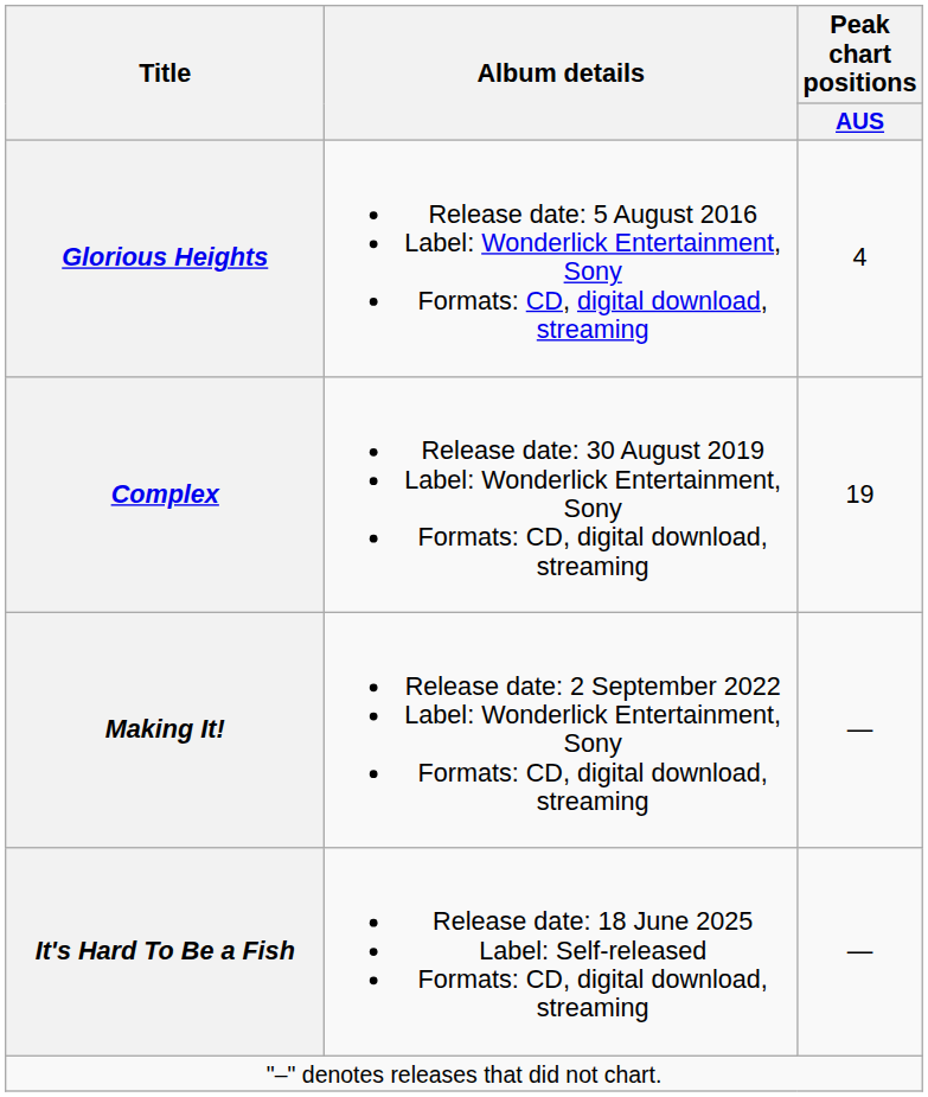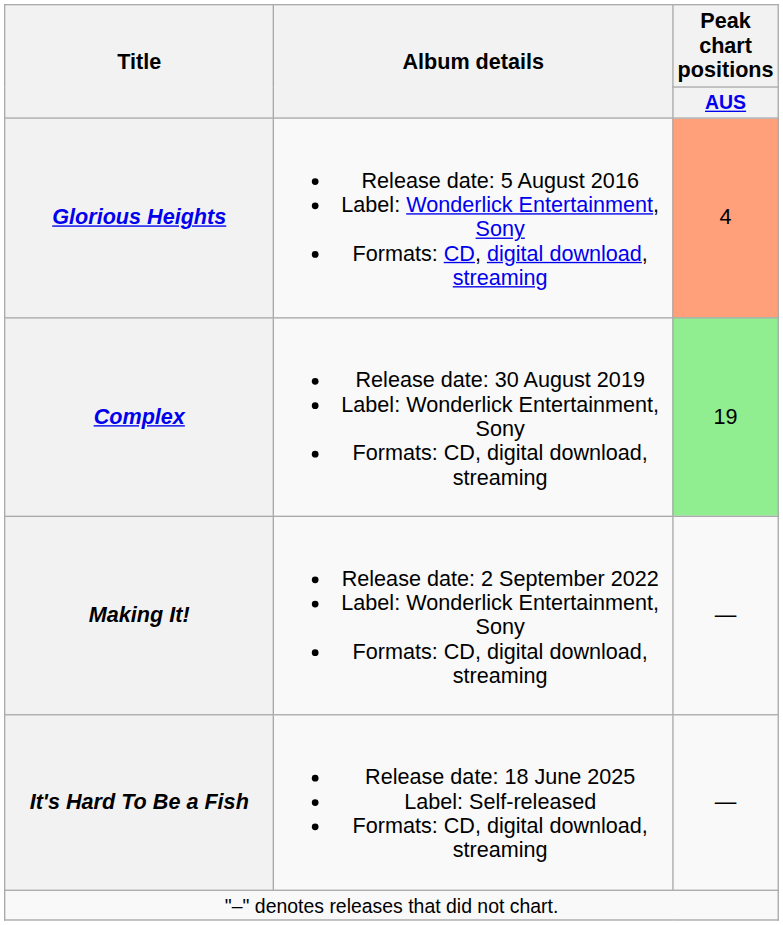 <table class="wikitable plainrowheaders" style="text-align:center;">
 <tr>
 <th style="width:12em;" rowspan="2">Title</th>
 <th style="width:18em;" rowspan="2">Album details</th>
 <th scope="col">Peak chart positions</th>
 </tr>
 <tr>
 <th scope="col" style="width:3em;font-size:90%;"><a href='#'>AUS</a><br></th>
 </tr>
 <tr>
 <th scope="row"><em><a href='#'>Glorious Heights</a></em></th>
 <td><br><ul><li>Release date: 5 August 2016</li><li>Label: <a href='#'>Wonderlick Entertainment</a>, <a href='#'>Sony</a></li><li>Formats: <a href='#'>CD</a>, <a href='#'>digital download</a>, <a href='#'>streaming</a></li></ul></td>
-<td>4</td>
+<td style="background: lightsalmon;">4</td>
 </tr>
 <tr>
 <th scope="row"><em><a href='#'>Complex</a></em></th>
 <td><br><ul><li>Release date: 30 August 2019</li><li>Label: Wonderlick Entertainment, Sony</li><li>Formats: CD, digital download, streaming</li></ul></td>
-<td>19</td>
+<td style="background: lightgreen;">19</td>
 </tr>
 <tr>
 <th scope="row"><em>Making It!</em></th>
 <td><br><ul><li>Release date: 2 September 2022</li><li>Label: Wonderlick Entertainment, Sony</li><li>Formats: CD, digital download, streaming</li></ul></td>
 <td>—</td>
 </tr>
 <tr>
 <th scope="row"><em>It's Hard To Be a Fish</em></th>
 <td><br><ul><li>Release date: 18 June 2025</li><li>Label: Self-released</li><li>Formats: CD, digital download, streaming</li></ul></td>
 <td>—</td>
 </tr>
 <tr>
 <td colspan="7" align="center" style="font-size:90%">"–" denotes releases that did not chart.</td>
 </tr>
 </table>
